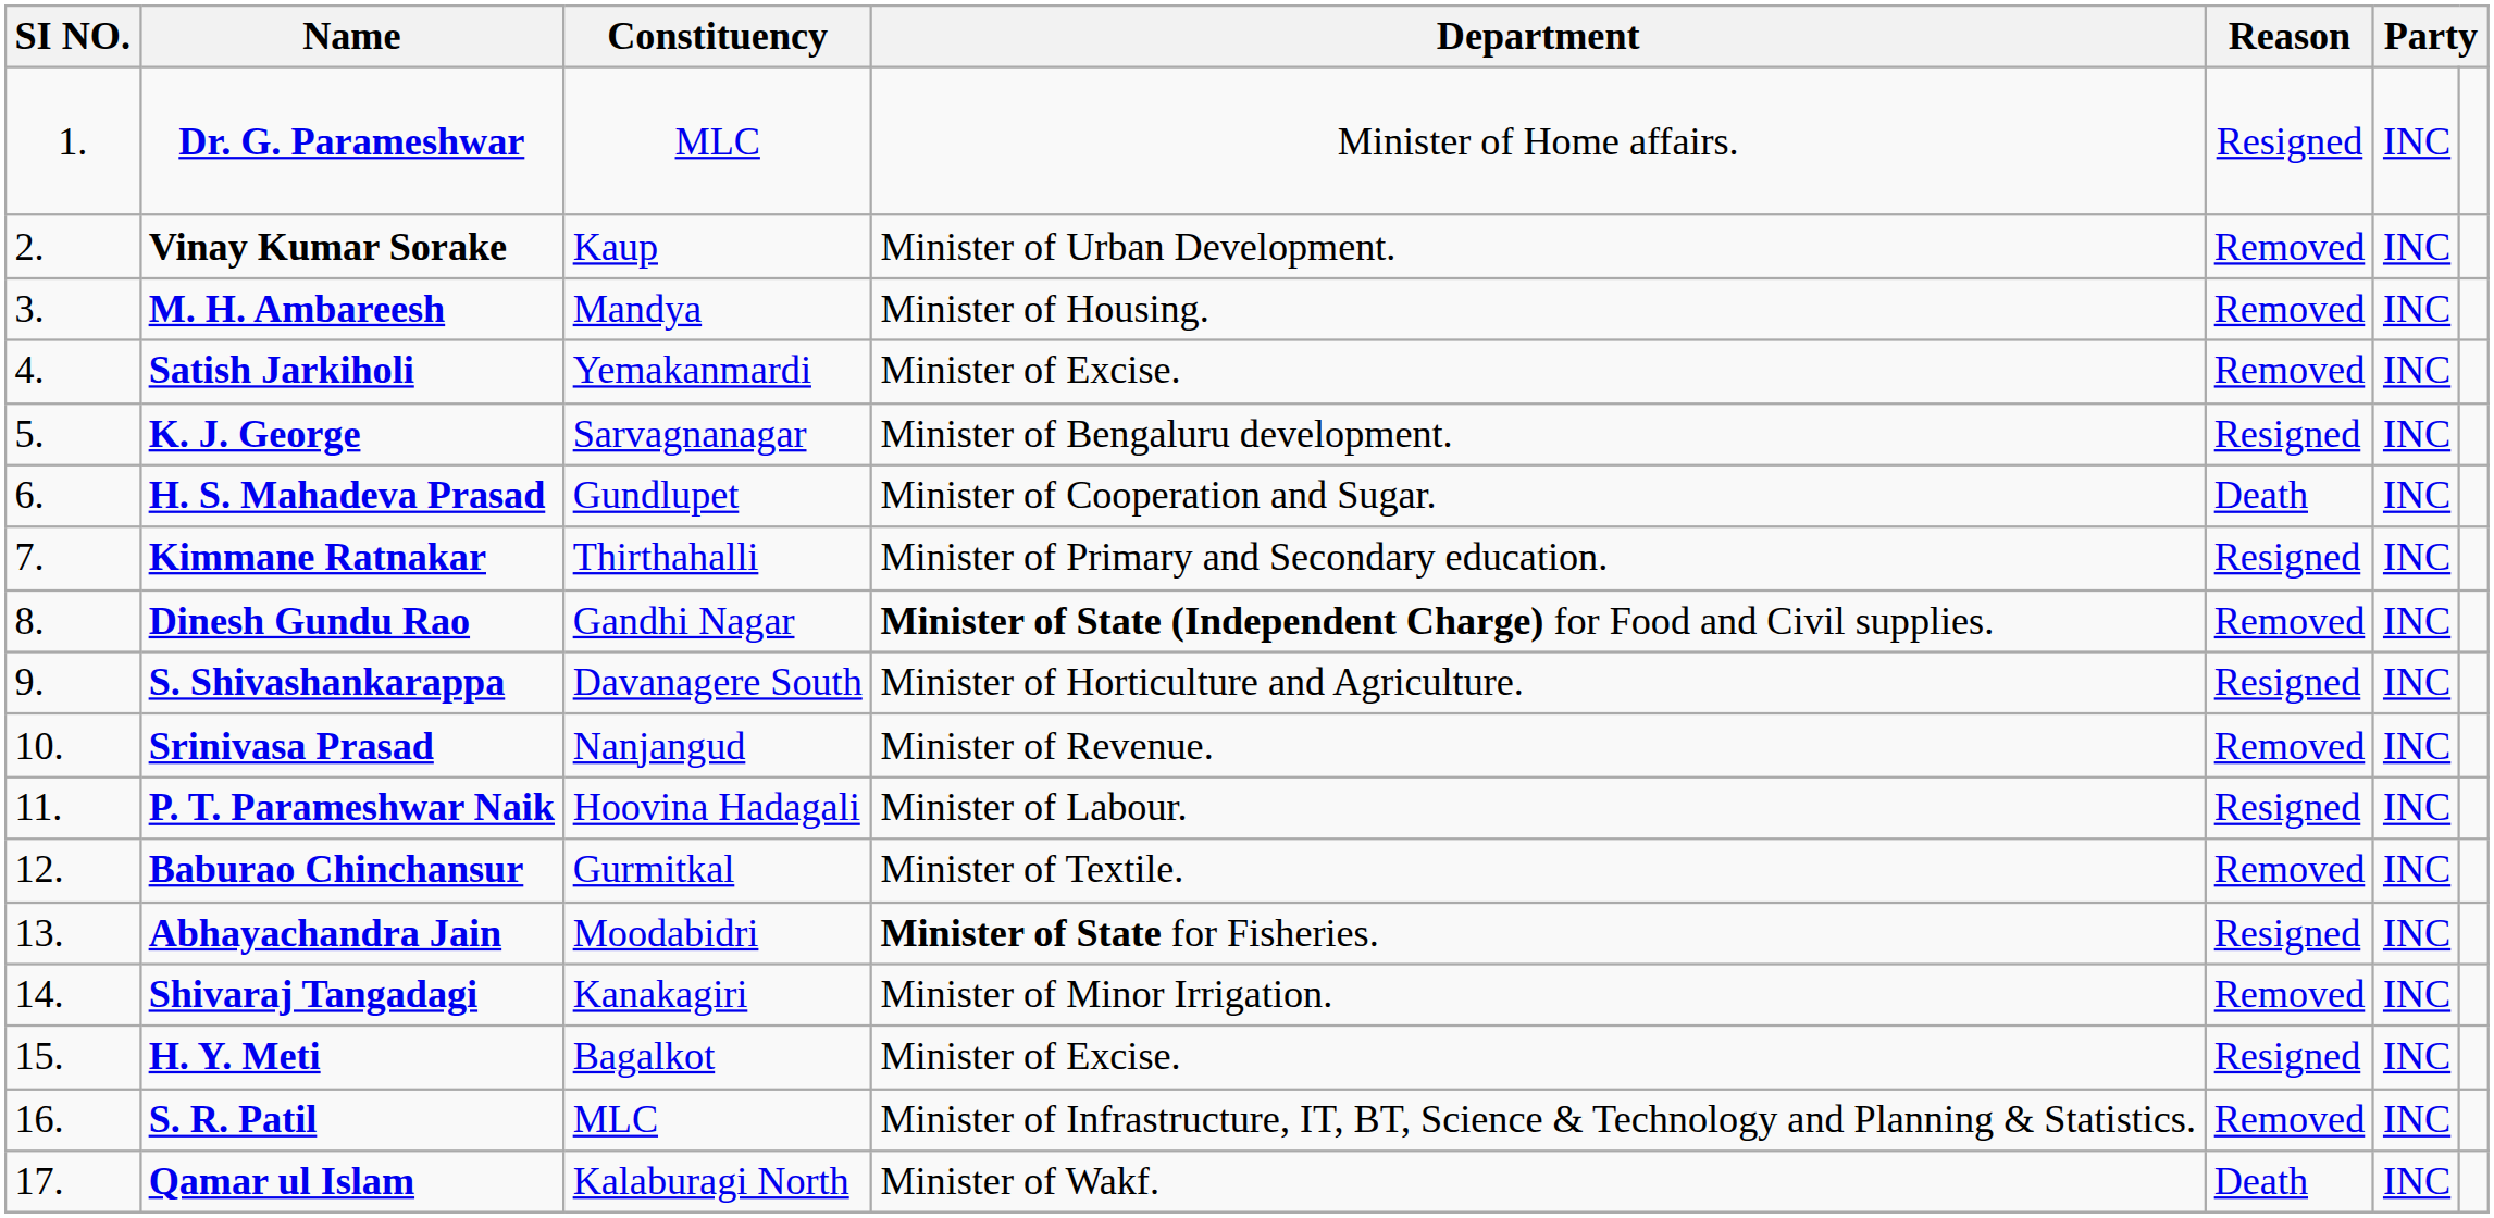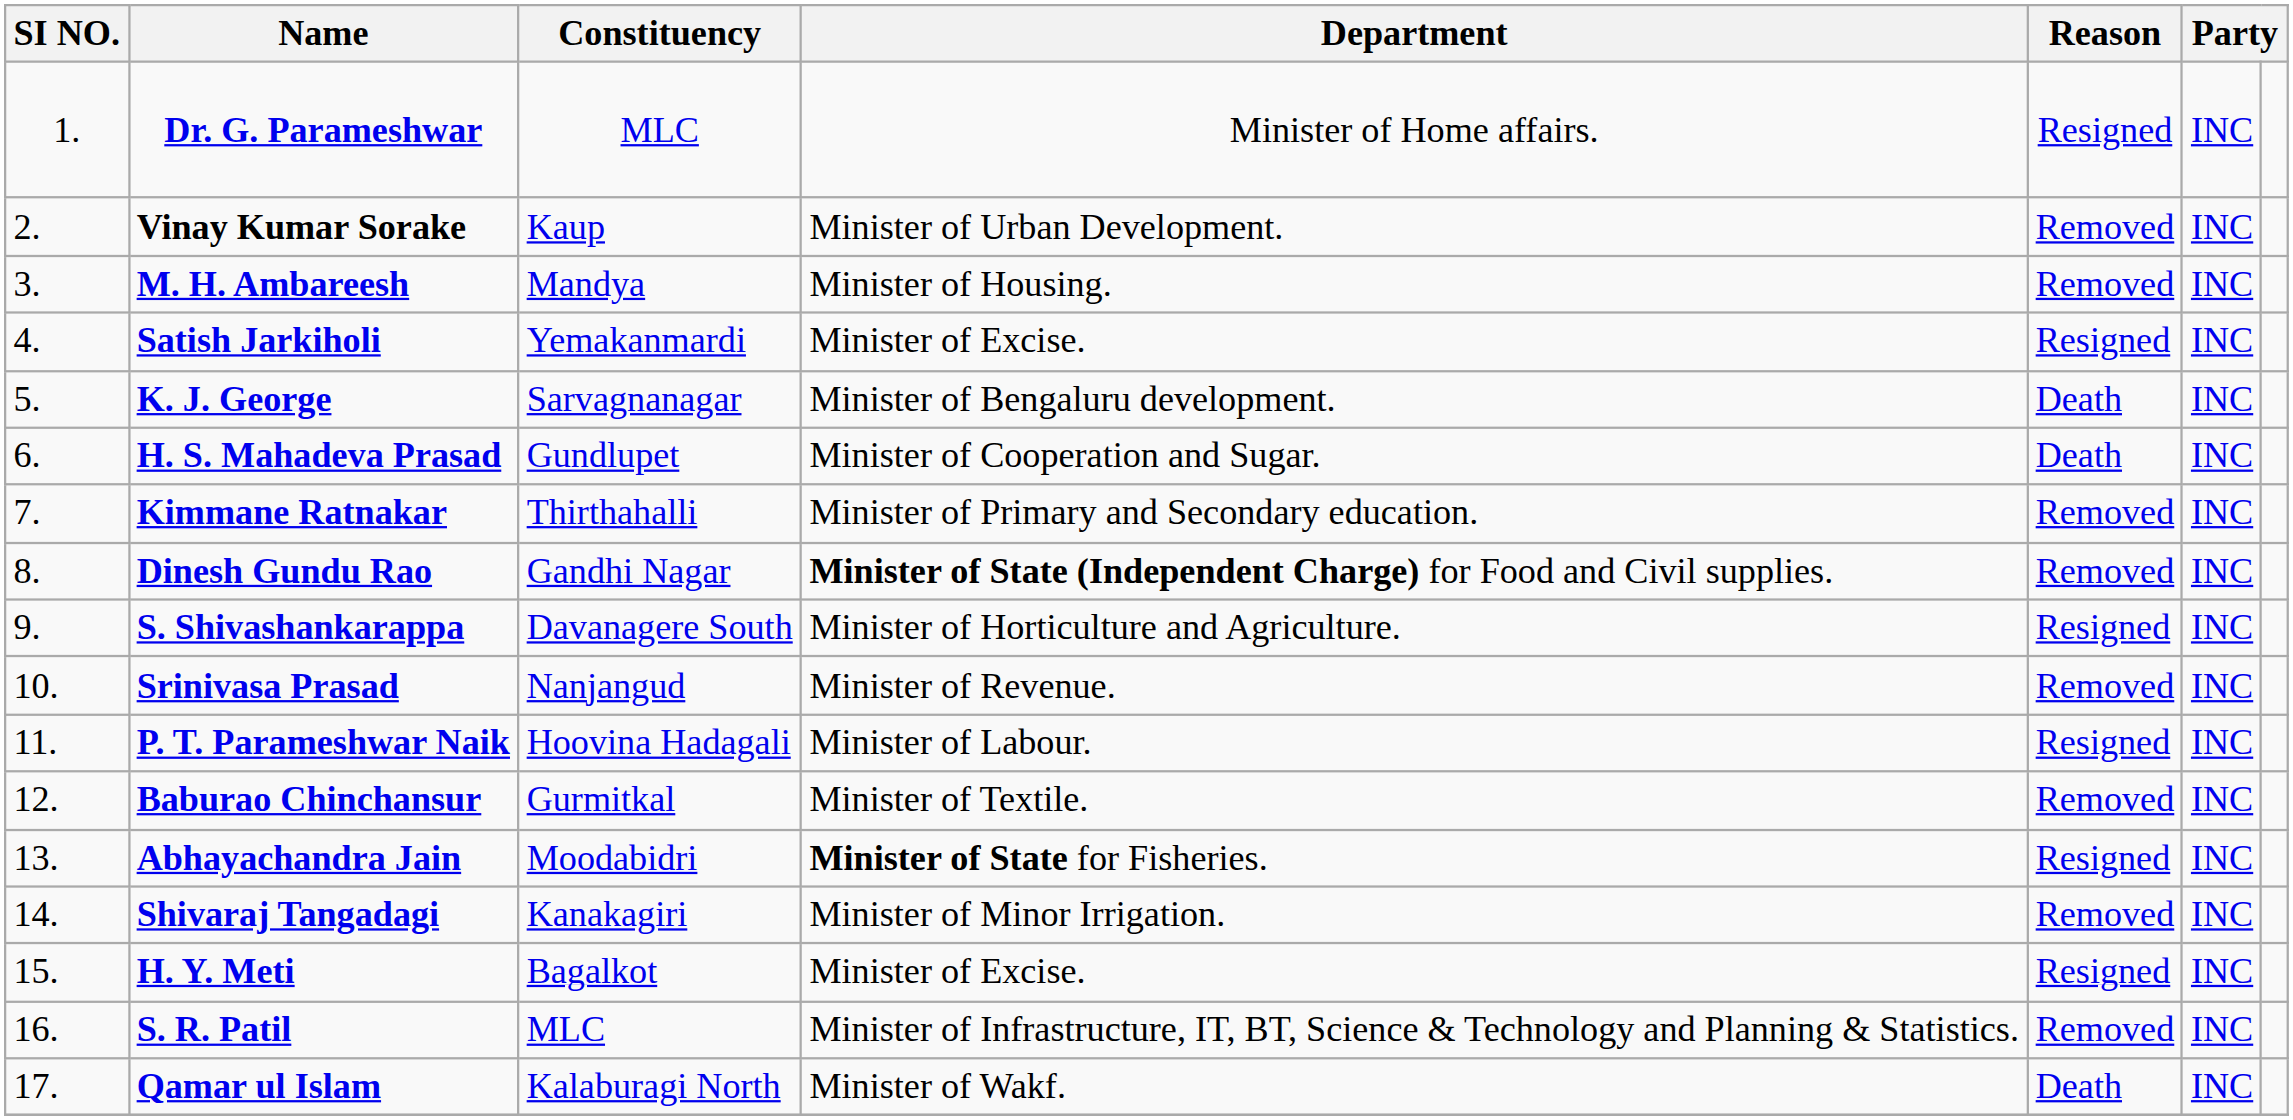 <table class ="wikitable">
 <tr>
 <th>SI NO.</th>
 <th>Name</th>
 <th>Constituency</th>
 <th>Department</th>
 <th>Reason</th>
 <th colspan="2" scope="col">Party</th>
 </tr>
 <tr style="text-align:center; height:60px;">
 <td>1.</td>
 <td><strong><a href='#'>Dr. G. Parameshwar</a></strong></td>
 <td><a href='#'>MLC</a></td>
 <td>Minister of Home affairs.</td>
 <td><a href='#'>Resigned</a></td>
 <td><a href='#'>INC</a></td>
 <td width="4px" style="background-color: "></td>
 </tr>
 <tr>
 <td>2.</td>
 <td><strong>Vinay Kumar Sorake</strong></td>
 <td><a href='#'>Kaup</a></td>
 <td>Minister of Urban Development.</td>
 <td><a href='#'>Removed</a></td>
 <td><a href='#'>INC</a></td>
 <td width="4px" style="background-color: "></td>
 </tr>
 <tr>
 <td>3.</td>
 <td><strong><a href='#'>M. H. Ambareesh</a></strong></td>
 <td><a href='#'>Mandya</a></td>
 <td>Minister of Housing.</td>
 <td><a href='#'>Removed</a></td>
 <td><a href='#'>INC</a></td>
 <td width="4px" style="background-color: "></td>
 </tr>
 <tr>
 <td>4.</td>
 <td><strong><a href='#'>Satish Jarkiholi</a></strong></td>
 <td><a href='#'>Yemakanmardi</a></td>
 <td>Minister of Excise.</td>
-<td><a href='#'>Removed</a></td>
+<td><a href='#'>Resigned</a></td>
 <td><a href='#'>INC</a></td>
 <td width="4px" style="background-color: "></td>
 </tr>
 <tr>
 <td>5.</td>
 <td><strong><a href='#'>K. J. George</a></strong></td>
 <td><a href='#'>Sarvagnanagar</a></td>
 <td>Minister of Bengaluru development.</td>
-<td><a href='#'>Resigned</a></td>
+<td><a href='#'>Death</a></td>
 <td><a href='#'>INC</a></td>
 <td width="4px" style="background-color: "></td>
 </tr>
 <tr>
 <td>6.</td>
 <td><strong><a href='#'>H. S. Mahadeva Prasad</a></strong></td>
 <td><a href='#'>Gundlupet</a></td>
 <td>Minister of Cooperation and Sugar.</td>
 <td><a href='#'>Death</a></td>
 <td><a href='#'>INC</a></td>
 <td width="4px" style="background-color: "></td>
 </tr>
 <tr>
 <td>7.</td>
 <td><strong><a href='#'>Kimmane Ratnakar</a></strong></td>
 <td><a href='#'>Thirthahalli</a></td>
 <td>Minister of Primary and Secondary education.</td>
-<td><a href='#'>Resigned</a></td>
+<td><a href='#'>Removed</a></td>
 <td><a href='#'>INC</a></td>
 <td width="4px" style="background-color: "></td>
 </tr>
 <tr>
 <td>8.</td>
 <td><strong><a href='#'>Dinesh Gundu Rao</a></strong></td>
 <td><a href='#'>Gandhi Nagar</a></td>
 <td><strong>Minister of State (Independent Charge)</strong> for Food and Civil supplies.</td>
 <td><a href='#'>Removed</a></td>
 <td><a href='#'>INC</a></td>
 <td width="4px" style="background-color: "></td>
 </tr>
 <tr>
 <td>9.</td>
 <td><strong><a href='#'>S. Shivashankarappa</a></strong></td>
 <td><a href='#'>Davanagere South</a></td>
 <td>Minister of Horticulture and Agriculture.</td>
 <td><a href='#'>Resigned</a></td>
 <td><a href='#'>INC</a></td>
 <td width="4px" style="background-color: "></td>
 </tr>
 <tr>
 <td>10.</td>
 <td><strong><a href='#'>Srinivasa Prasad</a></strong></td>
 <td><a href='#'>Nanjangud</a></td>
 <td>Minister of Revenue.</td>
 <td><a href='#'>Removed</a></td>
 <td><a href='#'>INC</a></td>
 <td width="4px" style="background-color: "></td>
 </tr>
 <tr>
 <td>11.</td>
 <td><strong><a href='#'>P. T. Parameshwar Naik</a></strong></td>
 <td><a href='#'>Hoovina Hadagali</a></td>
 <td>Minister of Labour.</td>
 <td><a href='#'>Resigned</a></td>
 <td><a href='#'>INC</a></td>
 <td width="4px" style="background-color: "></td>
 </tr>
 <tr>
 <td>12.</td>
 <td><strong><a href='#'>Baburao Chinchansur</a></strong></td>
 <td><a href='#'>Gurmitkal</a></td>
 <td>Minister of Textile.</td>
 <td><a href='#'>Removed</a></td>
 <td><a href='#'>INC</a></td>
 <td width="4px" style="background-color: "></td>
 </tr>
 <tr>
 <td>13.</td>
 <td><strong><a href='#'>Abhayachandra Jain</a></strong></td>
 <td><a href='#'>Moodabidri</a></td>
 <td><strong>Minister of State</strong> for Fisheries.</td>
 <td><a href='#'>Resigned</a></td>
 <td><a href='#'>INC</a></td>
 <td width="4px" style="background-color: "></td>
 </tr>
 <tr>
 <td>14.</td>
 <td><strong><a href='#'>Shivaraj Tangadagi</a></strong></td>
 <td><a href='#'>Kanakagiri</a></td>
 <td>Minister of Minor Irrigation.</td>
 <td><a href='#'>Removed</a></td>
 <td><a href='#'>INC</a></td>
 <td width="4px" style="background-color: "></td>
 </tr>
 <tr>
 <td>15.</td>
 <td><strong><a href='#'>H. Y. Meti</a></strong></td>
 <td><a href='#'>Bagalkot</a></td>
 <td>Minister of Excise.</td>
 <td><a href='#'>Resigned</a></td>
 <td><a href='#'>INC</a></td>
 <td width="4px" style="background-color: "></td>
 </tr>
 <tr>
 <td>16.</td>
 <td><strong><a href='#'>S. R. Patil</a></strong></td>
 <td><a href='#'>MLC</a></td>
 <td>Minister of Infrastructure, IT, BT, Science & Technology and Planning & Statistics.</td>
 <td><a href='#'>Removed</a></td>
 <td><a href='#'>INC</a></td>
 <td width="4px" style="background-color: "></td>
 </tr>
 <tr>
 <td>17.</td>
 <td><strong><a href='#'>Qamar ul Islam</a></strong></td>
 <td><a href='#'>Kalaburagi North</a></td>
 <td>Minister of Wakf.</td>
 <td><a href='#'>Death</a></td>
 <td><a href='#'>INC</a></td>
 <td width="4px" style="background-color: "></td>
 </tr>
 <tr>
 </tr>
 </table>
